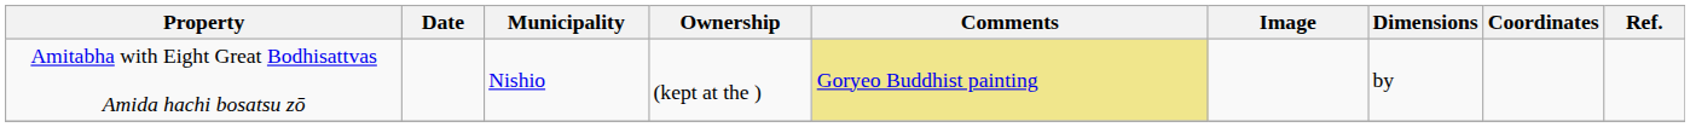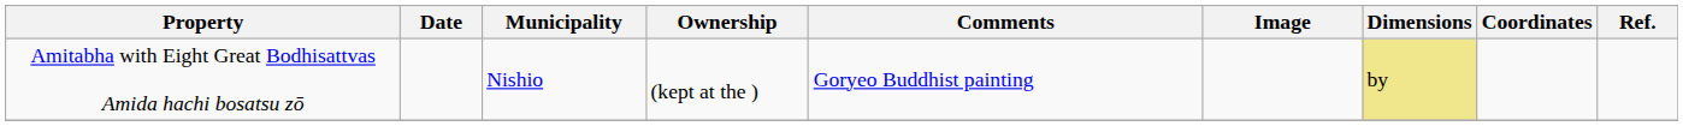 <table class="wikitable sortable"  style="width:100%;">
 <tr>
 <th width="25%" align="left">Property</th>
 <th width="5%" align="left" data-sort-type="number">Date</th>
 <th width="10%" align="left">Municipality</th>
 <th width="10%" align="left">Ownership</th>
 <th width="25%" align="left" class="unsortable">Comments</th>
 <th width="10%" align="left" class="unsortable">Image</th>
 <th width="5%" align="left" class="unsortable">Dimensions</th>
 <th width="5%" align="left" class="unsortable">Coordinates</th>
 <th width="5%" align="left" class="unsortable">Ref.</th>
 </tr>
 <tr>
 <td align="center"><a href='#'>Amitabha</a> with Eight Great <a href='#'>Bodhisattvas</a><br><br><em>Amida hachi bosatsu zō</em></td>
 <td></td>
 <td><a href='#'>Nishio</a></td>
 <td><br>(kept at the )</td>
-<td style="background: khaki;"><a href='#'>Goryeo Buddhist painting</a></td>
+<td><a href='#'>Goryeo Buddhist painting</a></td>
 <td></td>
-<td> by </td>
+<td style="background: khaki;"> by </td>
 <td></td>
 <td></td>
 </tr>
 <tr>
 </tr>
 </table>
